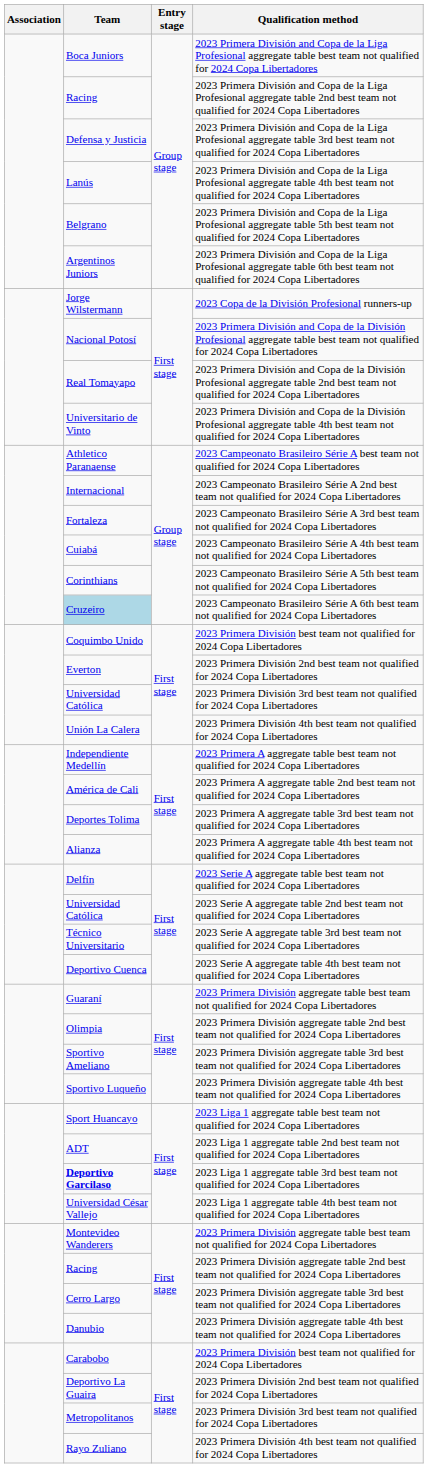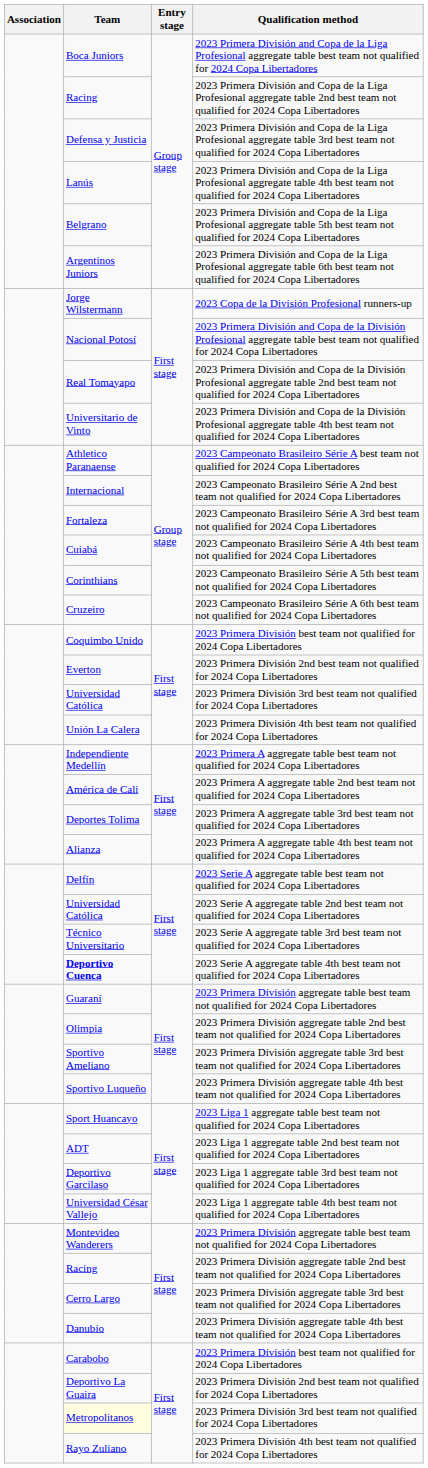 <table class="wikitable">
 <tr>
 <th>Association</th>
 <th>Team </th>
 <th>Entry stage</th>
 <th>Qualification method</th>
 </tr>
 <tr>
 <td rowspan=6><br></td>
 <td><a href='#'>Boca Juniors</a> </td>
 <td rowspan=6><a href='#'>Group stage</a></td>
 <td><a href='#'>2023 Primera División and Copa de la Liga Profesional</a> aggregate table best team not qualified for <a href='#'>2024 Copa Libertadores</a></td>
 </tr>
 <tr>
 <td><a href='#'>Racing</a> </td>
 <td>2023 Primera División and Copa de la Liga Profesional aggregate table 2nd best team not qualified for 2024 Copa Libertadores</td>
 </tr>
 <tr>
 <td><a href='#'>Defensa y Justicia</a> </td>
 <td>2023 Primera División and Copa de la Liga Profesional aggregate table 3rd best team not qualified for 2024 Copa Libertadores</td>
 </tr>
 <tr>
 <td><a href='#'>Lanús</a> </td>
 <td>2023 Primera División and Copa de la Liga Profesional aggregate table 4th best team not qualified for 2024 Copa Libertadores</td>
 </tr>
 <tr>
 <td><a href='#'>Belgrano</a> </td>
 <td>2023 Primera División and Copa de la Liga Profesional aggregate table 5th best team not qualified for 2024 Copa Libertadores</td>
 </tr>
 <tr>
 <td><a href='#'>Argentinos Juniors</a> </td>
 <td>2023 Primera División and Copa de la Liga Profesional aggregate table 6th best team not qualified for 2024 Copa Libertadores</td>
 </tr>
 <tr>
 <td rowspan=4><br></td>
 <td><a href='#'>Jorge Wilstermann</a> </td>
 <td rowspan=4><a href='#'>First stage</a></td>
 <td><a href='#'>2023 Copa de la División Profesional</a> runners-up</td>
 </tr>
 <tr>
 <td><a href='#'>Nacional Potosí</a> </td>
 <td><a href='#'>2023 Primera División and Copa de la División Profesional</a> aggregate table best team not qualified for 2024 Copa Libertadores</td>
 </tr>
 <tr>
 <td><a href='#'>Real Tomayapo</a> </td>
 <td>2023 Primera División and Copa de la División Profesional aggregate table 2nd best team not qualified for 2024 Copa Libertadores</td>
 </tr>
 <tr>
 <td><a href='#'>Universitario de Vinto</a> </td>
 <td>2023 Primera División and Copa de la División Profesional aggregate table 4th best team not qualified for 2024 Copa Libertadores</td>
 </tr>
 <tr>
 <td rowspan=6><br></td>
 <td><a href='#'>Athletico Paranaense</a> </td>
 <td rowspan=6><a href='#'>Group stage</a></td>
 <td><a href='#'>2023 Campeonato Brasileiro Série A</a> best team not qualified for 2024 Copa Libertadores</td>
 </tr>
 <tr>
 <td><a href='#'>Internacional</a> </td>
 <td>2023 Campeonato Brasileiro Série A 2nd best team not qualified for 2024 Copa Libertadores</td>
 </tr>
 <tr>
 <td><a href='#'>Fortaleza</a> </td>
 <td>2023 Campeonato Brasileiro Série A 3rd best team not qualified for 2024 Copa Libertadores</td>
 </tr>
 <tr>
 <td><a href='#'>Cuiabá</a> </td>
 <td>2023 Campeonato Brasileiro Série A 4th best team not qualified for 2024 Copa Libertadores</td>
 </tr>
 <tr>
 <td><a href='#'>Corinthians</a> </td>
 <td>2023 Campeonato Brasileiro Série A 5th best team not qualified for 2024 Copa Libertadores</td>
 </tr>
 <tr>
-<td style="background: lightblue;"><a href='#'>Cruzeiro</a> </td>
+<td><a href='#'>Cruzeiro</a> </td>
 <td>2023 Campeonato Brasileiro Série A 6th best team not qualified for 2024 Copa Libertadores</td>
 </tr>
 <tr>
 <td rowspan=4><br></td>
 <td><a href='#'>Coquimbo Unido</a> </td>
 <td rowspan=4><a href='#'>First stage</a></td>
 <td><a href='#'>2023 Primera División</a> best team not qualified for 2024 Copa Libertadores</td>
 </tr>
 <tr>
 <td><a href='#'>Everton</a> </td>
 <td>2023 Primera División 2nd best team not qualified for 2024 Copa Libertadores</td>
 </tr>
 <tr>
 <td><a href='#'>Universidad Católica</a> </td>
 <td>2023 Primera División 3rd best team not qualified for 2024 Copa Libertadores</td>
 </tr>
 <tr>
 <td><a href='#'>Unión La Calera</a> </td>
 <td>2023 Primera División 4th best team not qualified for 2024 Copa Libertadores</td>
 </tr>
 <tr>
 <td rowspan=4><br></td>
 <td><a href='#'>Independiente Medellín</a> </td>
 <td rowspan=4><a href='#'>First stage</a></td>
 <td><a href='#'>2023 Primera A</a> aggregate table best team not qualified for 2024 Copa Libertadores</td>
 </tr>
 <tr>
 <td><a href='#'>América de Cali</a> </td>
 <td>2023 Primera A aggregate table 2nd best team not qualified for 2024 Copa Libertadores</td>
 </tr>
 <tr>
 <td><a href='#'>Deportes Tolima</a> </td>
 <td>2023 Primera A aggregate table 3rd best team not qualified for 2024 Copa Libertadores</td>
 </tr>
 <tr>
 <td><a href='#'>Alianza</a> </td>
 <td>2023 Primera A aggregate table 4th best team not qualified for 2024 Copa Libertadores</td>
 </tr>
 <tr>
 <td rowspan=4><br></td>
 <td><a href='#'>Delfín</a> </td>
 <td rowspan=4><a href='#'>First stage</a></td>
 <td><a href='#'>2023 Serie A</a> aggregate table best team not qualified for 2024 Copa Libertadores</td>
 </tr>
 <tr>
 <td><a href='#'>Universidad Católica</a> </td>
 <td>2023 Serie A aggregate table 2nd best team not qualified for 2024 Copa Libertadores</td>
 </tr>
 <tr>
 <td><a href='#'>Técnico Universitario</a> </td>
 <td>2023 Serie A aggregate table 3rd best team not qualified for 2024 Copa Libertadores</td>
 </tr>
 <tr>
-<td><a href='#'>Deportivo Cuenca</a> </td>
+<td><strong><a href='#'>Deportivo Cuenca</a> </strong></td>
 <td>2023 Serie A aggregate table 4th best team not qualified for 2024 Copa Libertadores</td>
 </tr>
 <tr>
 <td rowspan=4><br></td>
 <td><a href='#'>Guaraní</a> </td>
 <td rowspan=4><a href='#'>First stage</a></td>
 <td><a href='#'>2023 Primera División</a> aggregate table best team not qualified for 2024 Copa Libertadores</td>
 </tr>
 <tr>
 <td><a href='#'>Olimpia</a> </td>
 <td>2023 Primera División aggregate table 2nd best team not qualified for 2024 Copa Libertadores</td>
 </tr>
 <tr>
 <td><a href='#'>Sportivo Ameliano</a> </td>
 <td>2023 Primera División aggregate table 3rd best team not qualified for 2024 Copa Libertadores</td>
 </tr>
 <tr>
 <td><a href='#'>Sportivo Luqueño</a> </td>
 <td>2023 Primera División aggregate table 4th best team not qualified for 2024 Copa Libertadores</td>
 </tr>
 <tr>
 <td rowspan=4><br></td>
 <td><a href='#'>Sport Huancayo</a> </td>
 <td rowspan=4><a href='#'>First stage</a></td>
 <td><a href='#'>2023 Liga 1</a> aggregate table best team not qualified for 2024 Copa Libertadores</td>
 </tr>
 <tr>
 <td><a href='#'>ADT</a> </td>
 <td>2023 Liga 1 aggregate table 2nd best team not qualified for 2024 Copa Libertadores</td>
 </tr>
 <tr>
-<td><strong><a href='#'>Deportivo Garcilaso</a> </strong></td>
+<td><a href='#'>Deportivo Garcilaso</a> </td>
 <td>2023 Liga 1 aggregate table 3rd best team not qualified for 2024 Copa Libertadores</td>
 </tr>
 <tr>
 <td><a href='#'>Universidad César Vallejo</a> </td>
 <td>2023 Liga 1 aggregate table 4th best team not qualified for 2024 Copa Libertadores</td>
 </tr>
 <tr>
 <td rowspan=4><br></td>
 <td><a href='#'>Montevideo Wanderers</a> </td>
 <td rowspan=4><a href='#'>First stage</a></td>
 <td><a href='#'>2023 Primera División</a> aggregate table best team not qualified for 2024 Copa Libertadores</td>
 </tr>
 <tr>
 <td><a href='#'>Racing</a> </td>
 <td>2023 Primera División aggregate table 2nd best team not qualified for 2024 Copa Libertadores</td>
 </tr>
 <tr>
 <td><a href='#'>Cerro Largo</a> </td>
 <td>2023 Primera División aggregate table 3rd best team not qualified for 2024 Copa Libertadores</td>
 </tr>
 <tr>
 <td><a href='#'>Danubio</a> </td>
 <td>2023 Primera División aggregate table 4th best team not qualified for 2024 Copa Libertadores</td>
 </tr>
 <tr>
 <td rowspan=4><br></td>
 <td><a href='#'>Carabobo</a> </td>
 <td rowspan=4><a href='#'>First stage</a></td>
 <td><a href='#'>2023 Primera División</a> best team not qualified for 2024 Copa Libertadores</td>
 </tr>
 <tr>
 <td><a href='#'>Deportivo La Guaira</a> </td>
 <td>2023 Primera División 2nd best team not qualified for 2024 Copa Libertadores</td>
 </tr>
 <tr>
-<td><a href='#'>Metropolitanos</a> </td>
+<td style="background: lightyellow;"><a href='#'>Metropolitanos</a> </td>
 <td>2023 Primera División 3rd best team not qualified for 2024 Copa Libertadores</td>
 </tr>
 <tr>
 <td><a href='#'>Rayo Zuliano</a> </td>
 <td>2023 Primera División 4th best team not qualified for 2024 Copa Libertadores</td>
 </tr>
 </table>
